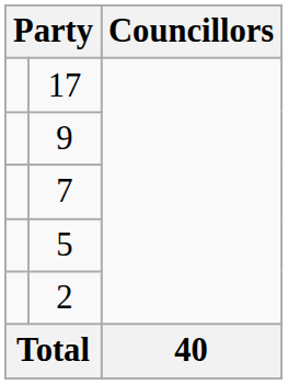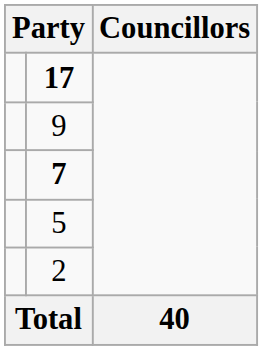 <table class="wikitable">
 <tr>
 <th colspan=2>Party</th>
 <th>Councillors</th>
 </tr>
 <tr>
 <td></td>
-<td align=center>17</td>
+<td align=center><strong>17</strong></td>
 </tr>
 <tr>
 <td></td>
 <td align=center>9</td>
 </tr>
 <tr>
 <td></td>
-<td align=center>7</td>
+<td align=center><strong>7</strong></td>
 </tr>
 <tr>
 <td></td>
 <td align=center>5</td>
 </tr>
 <tr>
 <td></td>
 <td align=center>2</td>
 </tr>
 <tr>
 <th colspan=2>Total</th>
 <th align=center>40</th>
 </tr>
 </table>
